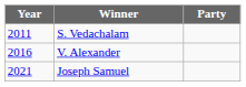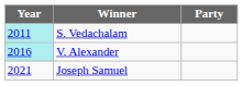 <table class="wikitable" width="50%">
 <tr>
 <th style="background-color:#666666; color:white">Year</th>
 <th style="background-color:#666666; color:white">Winner</th>
 <th style="background-color:#666666; color:white" colspan="2">Party</th>
 </tr>
 <tr>
-<td><a href='#'>2011</a></td>
+<td style="background: paleturquoise;"><a href='#'>2011</a></td>
 <td><a href='#'>S. Vedachalam</a></td>
 <td></td>
 </tr>
 <tr>
-<td><a href='#'>2016</a></td>
+<td style="background: paleturquoise;"><a href='#'>2016</a></td>
 <td><a href='#'>V. Alexander</a></td>
 <td></td>
 </tr>
 <tr>
 <td><a href='#'>2021</a></td>
 <td><a href='#'>Joseph Samuel</a></td>
 <td></td>
 </tr>
 </table>
